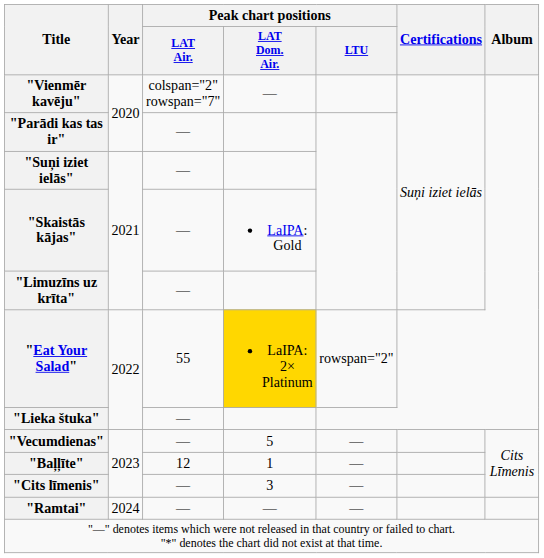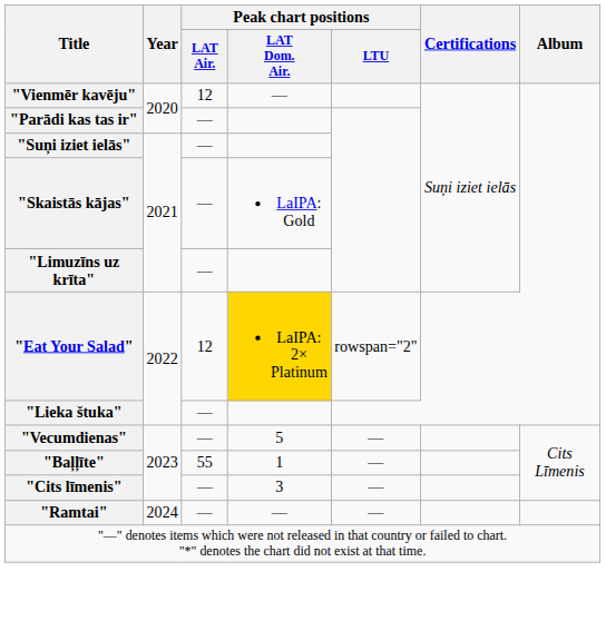 <table class="wikitable plainrowheaders" style="text-align:center;">
 <tr>
 <th scope="col" rowspan="2">Title</th>
 <th scope="col" rowspan="2">Year</th>
 <th scope="col" colspan="3">Peak chart positions</th>
 <th scope="col" rowspan="2"><a href='#'>Certifications</a></th>
 <th rowspan="2" scope="col">Album</th>
 </tr>
 <tr>
 <th scope="col" style="width:3em;font-size:85%;"><a href='#'>LAT<br>Air.</a><br></th>
 <th scope="col" style="width:3em;font-size:85%;"><a href='#'>LAT<br>Dom.<br>Air.</a><br></th>
 <th scope="col" style="width:3em;font-size:85%;"><a href='#'>LTU</a><br></th>
 </tr>
 <tr>
 <th scope="row">"Vienmēr kavēju"</th>
 <td rowspan="2">2020</td>
-<td>colspan="2" rowspan="7" </td>
+<td>12</td>
 <td>—</td>
 <td></td>
 <td rowspan="5"><em>Suņi iziet ielās</em></td>
 </tr>
 <tr>
 <th scope="row">"Parādi kas tas ir"</th>
 <td>—</td>
 <td></td>
 </tr>
 <tr>
 <th scope="row">"Suņi iziet ielās"</th>
 <td rowspan="3">2021</td>
 <td>—</td>
 <td></td>
 </tr>
 <tr>
 <th scope="row">"Skaistās kājas"</th>
 <td>—</td>
 <td><br><ul><li><a href='#'>LaIPA</a>: Gold</li></ul></td>
 </tr>
 <tr>
 <th scope="row">"Limuzīns uz krīta"</th>
 <td>—</td>
 <td></td>
 </tr>
 <tr>
 <th scope="row">"<a href='#'>Eat Your Salad</a>"</th>
 <td rowspan="2">2022</td>
-<td>55</td>
+<td>12</td>
 <td style="background: gold;"><br><ul><li>LaIPA: 2× Platinum</li></ul></td>
 <td>rowspan="2" </td>
 </tr>
 <tr>
 <th scope="row">"Lieka štuka"</th>
 <td>—</td>
 <td></td>
 </tr>
 <tr>
 <th scope="row">"Vecumdienas"</th>
 <td rowspan="3">2023</td>
 <td>—</td>
 <td>5</td>
 <td>—</td>
 <td></td>
 <td rowspan="3"><em>Cits Līmenis</em></td>
 </tr>
 <tr>
 <th scope="row">"Baļļīte"<br></th>
-<td>12</td>
+<td>55</td>
 <td>1</td>
 <td>—</td>
 <td></td>
 </tr>
 <tr>
 <th scope="row">"Cits līmenis"</th>
 <td>—</td>
 <td>3</td>
 <td>—</td>
 <td></td>
 </tr>
 <tr>
 <th scope="row">"Ramtai"</th>
 <td>2024</td>
 <td>—</td>
 <td>—</td>
 <td>—</td>
 <td></td>
 <td></td>
 </tr>
 <tr>
 <td colspan="7" style="font-size:85%;">"—" denotes items which were not released in that country or failed to chart.<br>"*" denotes the chart did not exist at that time.</td>
 </tr>
 </table>
